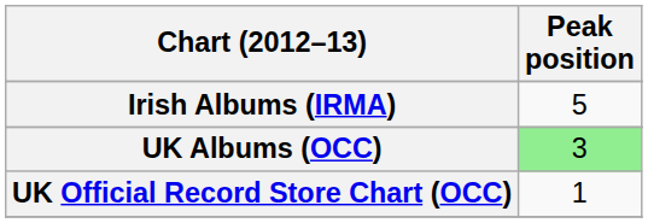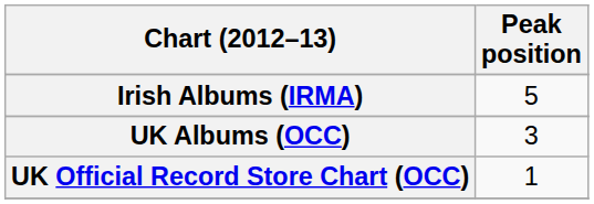 <table class="wikitable sortable plainrowheaders" style="text-align:center">
 <tr>
 <th>Chart (2012–13)</th>
 <th>Peak<br>position</th>
 </tr>
 <tr>
 </tr>
 <tr>
 </tr>
 <tr>
 </tr>
 <tr>
 </tr>
 <tr>
 </tr>
 <tr>
 </tr>
 <tr>
 </tr>
 <tr>
 </tr>
 <tr>
 </tr>
 <tr>
 <th scope="row">Irish Albums (<a href='#'>IRMA</a>)</th>
 <td>5</td>
 </tr>
 <tr>
 </tr>
 <tr>
 </tr>
 <tr>
 </tr>
 <tr>
 </tr>
 <tr>
 <th scope="row">UK Albums (<a href='#'>OCC</a>)</th>
-<td style="background: lightgreen;">3</td>
+<td>3</td>
 </tr>
 <tr>
 <th scope="row">UK <a href='#'>Official Record Store Chart</a> (<a href='#'>OCC</a>)</th>
 <td>1</td>
 </tr>
 <tr>
 </tr>
 <tr>
 </tr>
 <tr>
 </tr>
 </table>
